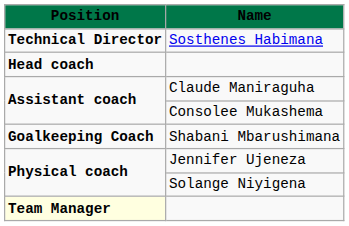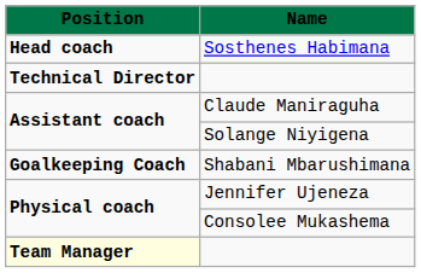 <table class="wikitable" style="font-size:90%;">
 <tr>
 <th style="background-color:#007749;"><span>Position</span></th>
 <th style="background-color:#007749;"><span>Name</span></th>
 </tr>
 <tr>
-<td><strong>Technical Director</strong></td>
+<td><strong>Head coach</strong></td>
 <td align="left"> <a href='#'>Sosthenes Habimana</a></td>
 </tr>
 <tr>
-<td><strong>Head coach</strong></td>
+<td><strong>Technical Director</strong></td>
 <td align="left"></td>
 </tr>
 <tr>
 <td rowspan="2"><strong>Assistant coach</strong></td>
 <td align="left"> Claude Maniraguha</td>
 </tr>
 <tr>
-<td> Consolee Mukashema</td>
+<td> Solange Niyigena</td>
 </tr>
 <tr>
 <td><strong>Goalkeeping Coach</strong></td>
 <td> Shabani Mbarushimana</td>
 </tr>
 <tr>
 <td rowspan="2"><strong>Physical coach	</strong></td>
 <td> Jennifer Ujeneza</td>
 </tr>
 <tr>
-<td> Solange Niyigena</td>
+<td> Consolee Mukashema</td>
 </tr>
 <tr>
 <td style="background: lightyellow;"><strong>Team Manager</strong></td>
 <td align="left"></td>
 </tr>
 </table>
